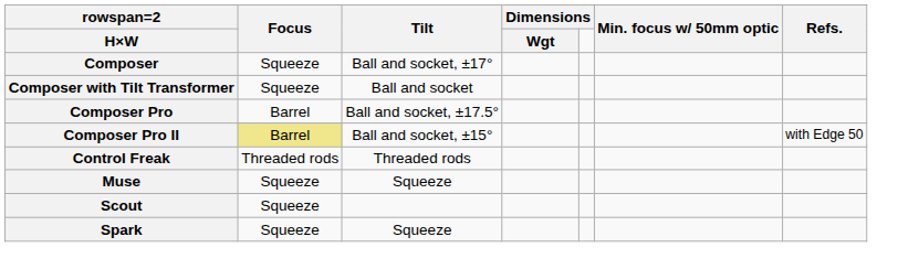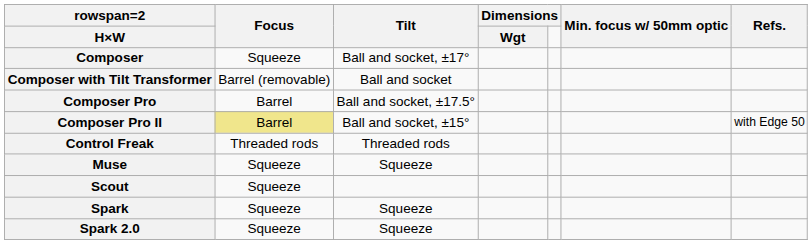 <table class="wikitable" style="font-size:90%;text-align:center;">
 <tr>
 <th>rowspan=2 </th>
 <th rowspan=2>Focus</th>
 <th rowspan=2>Tilt</th>
 <th colspan=2>Dimensions</th>
 <th rowspan=2>Min. focus w/ 50mm optic</th>
 <th rowspan=2>Refs.</th>
 </tr>
 <tr>
 <th>H×W</th>
 <th>Wgt</th>
 </tr>
 <tr>
 <th>Composer</th>
 <td>Squeeze</td>
 <td>Ball and socket, ±17°</td>
 <td></td>
 <td></td>
 <td></td>
 <td></td>
 </tr>
 <tr>
 <th>Composer with Tilt Transformer</th>
-<td>Squeeze</td>
+<td>Barrel (removable)</td>
 <td>Ball and socket</td>
 <td></td>
 <td></td>
 <td></td>
 <td></td>
 </tr>
 <tr>
 <th>Composer Pro</th>
 <td>Barrel</td>
 <td>Ball and socket, ±17.5°</td>
 <td></td>
 <td></td>
 <td></td>
 <td></td>
 </tr>
 <tr>
 <th>Composer Pro II</th>
 <td style="background: khaki;">Barrel</td>
 <td>Ball and socket, ±15°</td>
 <td></td>
 <td></td>
 <td></td>
 <td style="font-size:90%;text-align:left;">with Edge 50</td>
 </tr>
 <tr>
 <th>Control Freak</th>
 <td>Threaded rods</td>
 <td>Threaded rods</td>
 <td></td>
 <td></td>
 <td></td>
 <td></td>
 </tr>
 <tr>
 <th>Muse</th>
 <td>Squeeze</td>
 <td>Squeeze</td>
 <td></td>
 <td></td>
 <td></td>
 <td></td>
 </tr>
 <tr>
 <th>Scout</th>
 <td>Squeeze</td>
 <td></td>
 <td></td>
 <td></td>
 <td></td>
 <td></td>
 </tr>
 <tr>
 <th>Spark</th>
 <td>Squeeze</td>
 <td>Squeeze</td>
 <td></td>
 <td></td>
 <td></td>
 <td></td>
 </tr>
+<tr>
+<th>Spark 2.0</th>
+<td>Squeeze</td>
+<td>Squeeze</td>
+<td></td>
+<td></td>
+<td></td>
+<td></td>
+</tr>
 </table>
